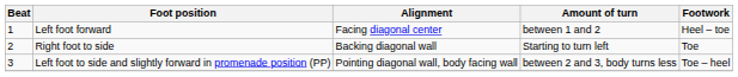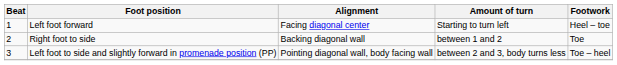 <table class="wikitable" style="font-size:90%;">
 <tr>
 <th>Beat</th>
 <th>Foot position</th>
 <th>Alignment</th>
 <th>Amount of turn</th>
 <th>Footwork</th>
 </tr>
 <tr>
 <td>1</td>
 <td>Left foot forward</td>
 <td>Facing <a href='#'>diagonal center</a></td>
-<td> between 1 and 2</td>
+<td>Starting to turn left</td>
 <td>Heel – toe</td>
 </tr>
 <tr>
 <td>2</td>
 <td>Right foot to side</td>
 <td>Backing diagonal wall</td>
-<td>Starting to turn left</td>
+<td> between 1 and 2</td>
 <td>Toe</td>
 </tr>
 <tr>
 <td>3</td>
 <td>Left foot to side and slightly forward in <a href='#'>promenade position</a> (PP)</td>
 <td>Pointing diagonal wall, body facing wall</td>
 <td> between 2 and 3, body turns less</td>
 <td>Toe – heel</td>
 </tr>
 <tr>
 </tr>
 </table>
